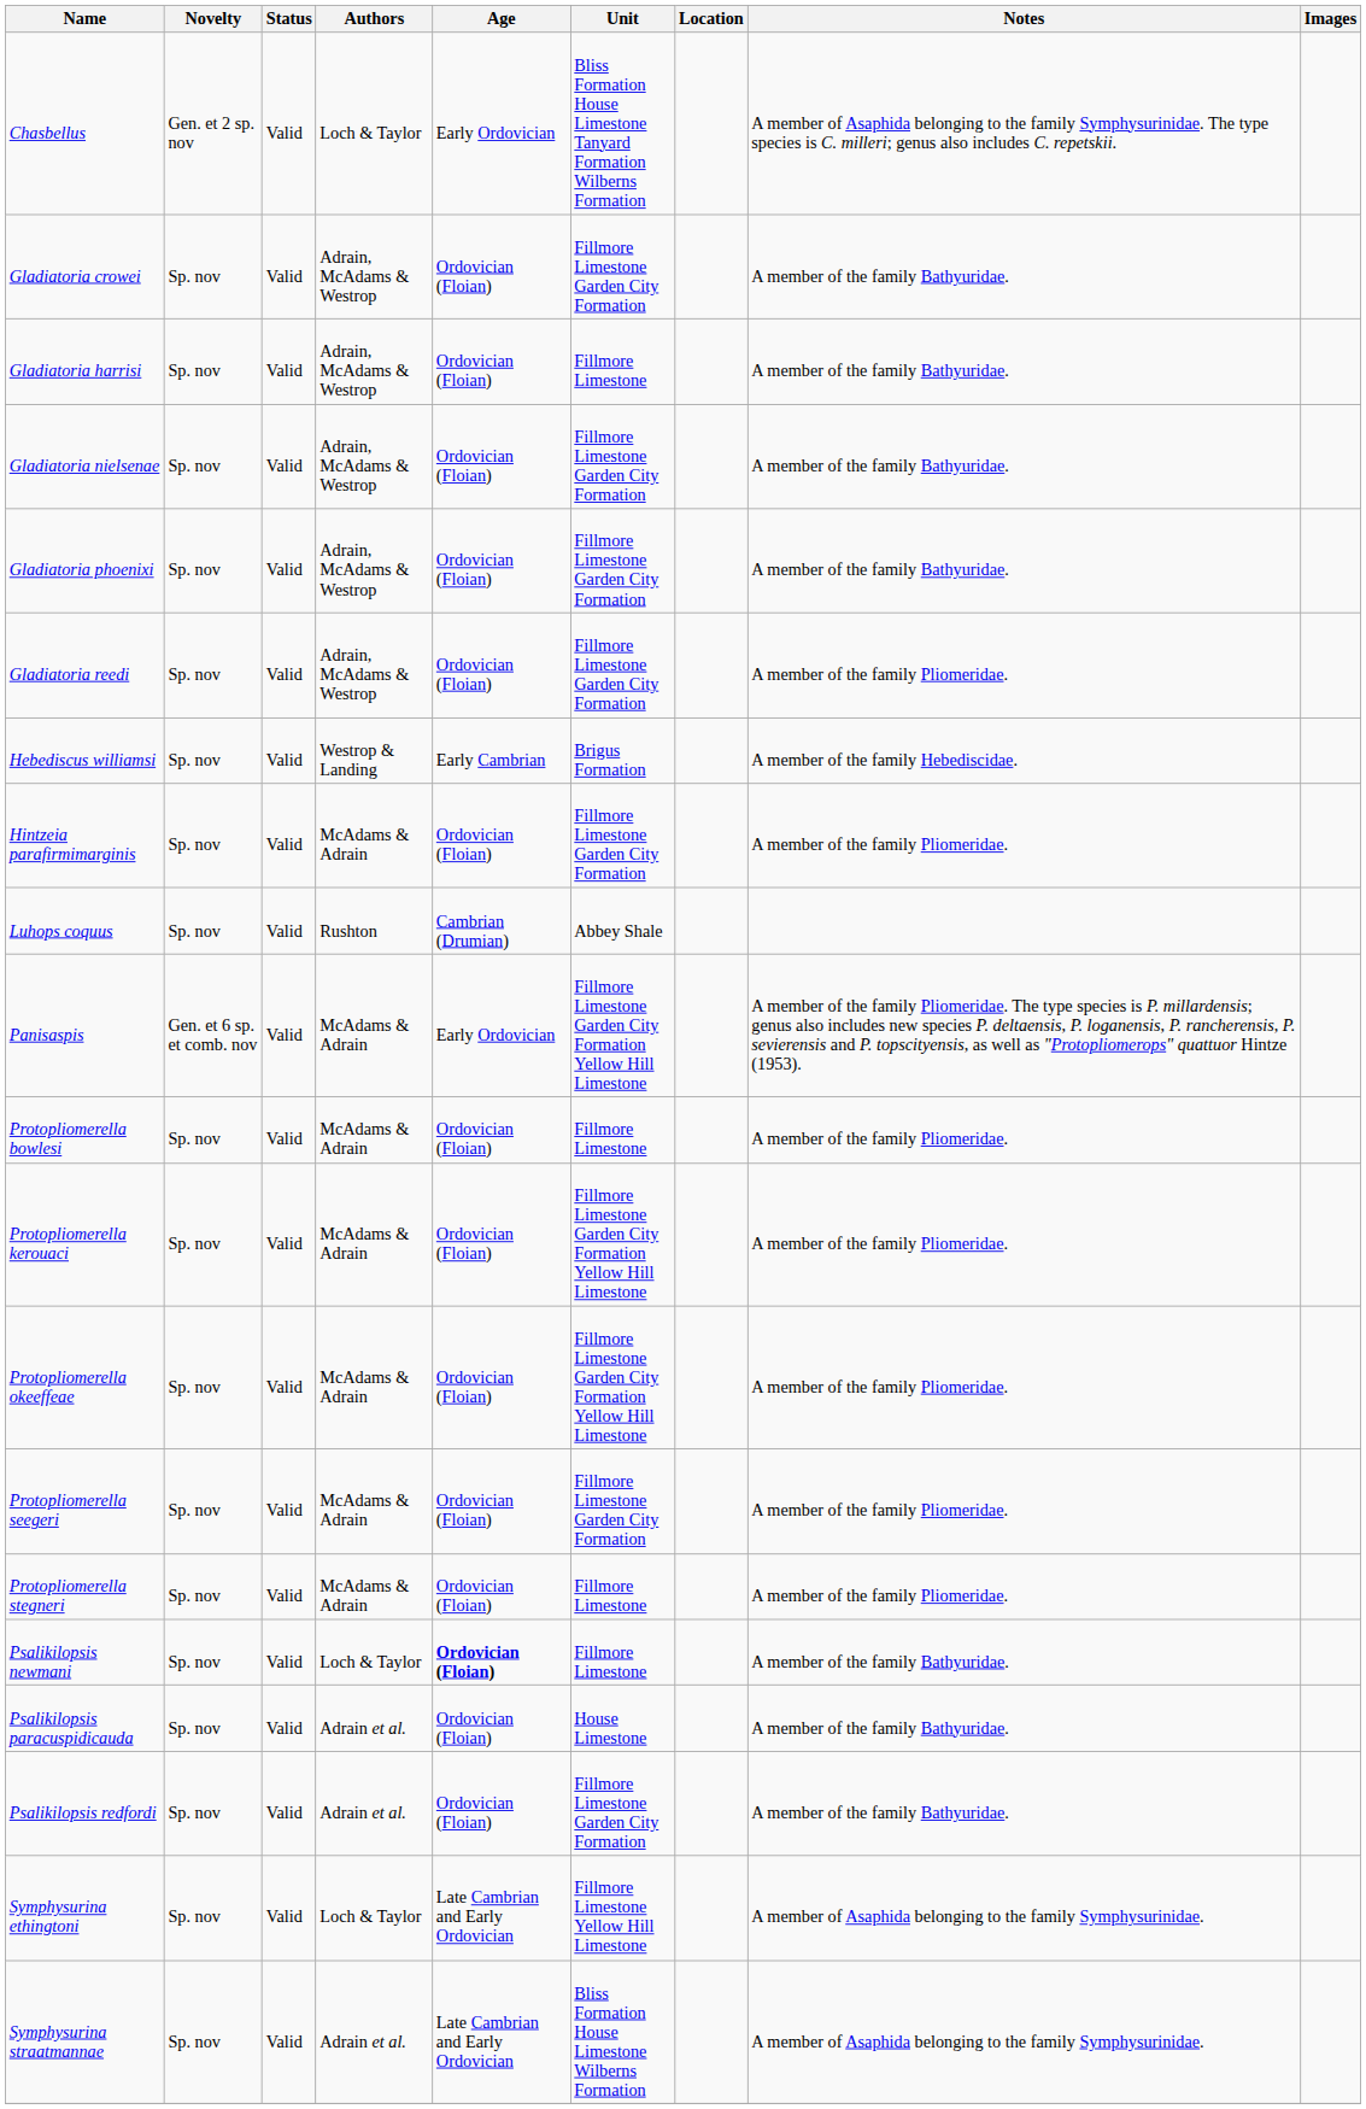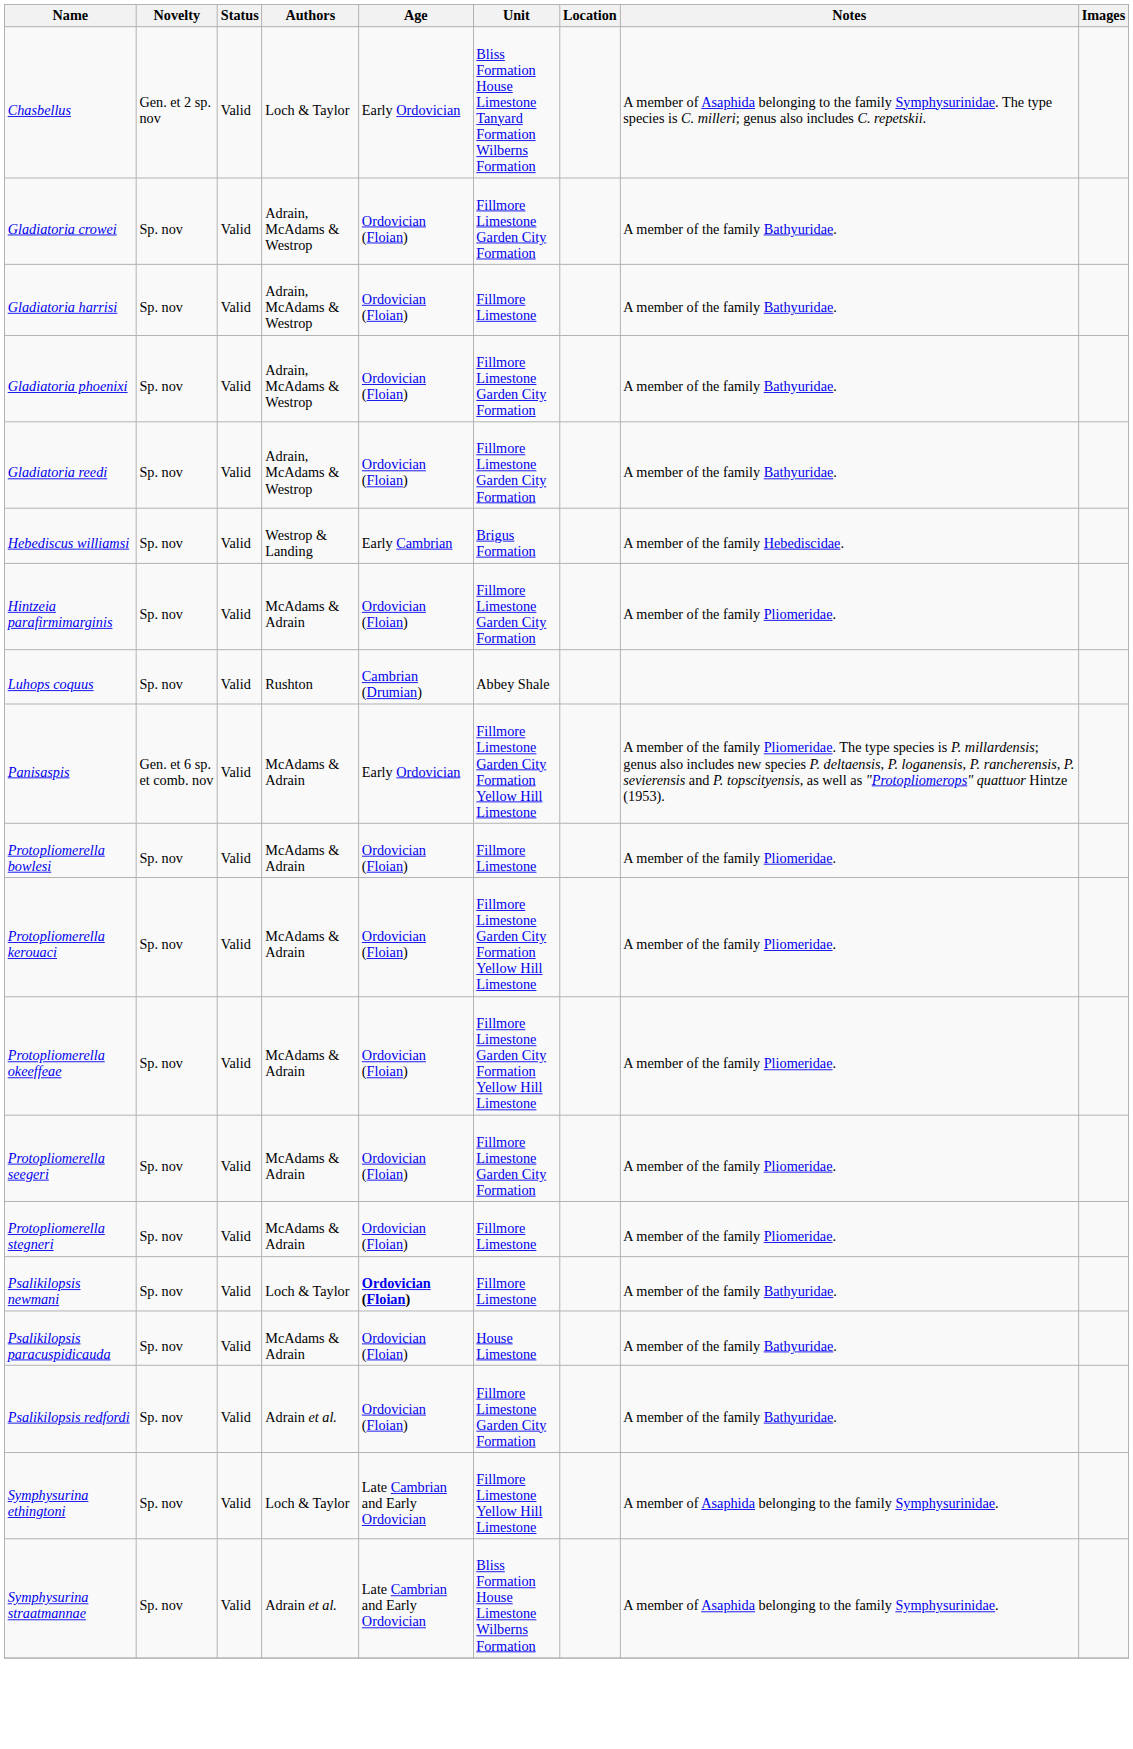 <table class="wikitable sortable" align="center" width="100%">
 <tr>
 <th>Name</th>
 <th>Novelty</th>
 <th>Status</th>
 <th>Authors</th>
 <th>Age</th>
 <th>Unit</th>
 <th>Location</th>
 <th>Notes</th>
 <th>Images</th>
 </tr>
 <tr>
 <td><br><em><a href='#'>Chasbellus</a></em></td>
 <td><br>Gen. et 2 sp. nov</td>
 <td><br>Valid</td>
 <td><br>Loch & Taylor</td>
 <td><br>Early <a href='#'>Ordovician</a></td>
 <td><br><a href='#'>Bliss Formation</a><br> <a href='#'>House Limestone</a><br> <a href='#'>Tanyard Formation</a><br> <a href='#'>Wilberns Formation</a></td>
 <td><br></td>
 <td><br>A member of <a href='#'>Asaphida</a> belonging to the family <a href='#'>Symphysurinidae</a>. The type species is <em>C. milleri</em>; genus also includes <em>C. repetskii</em>.</td>
 <td></td>
 </tr>
 <tr>
 <td><br><em><a href='#'>Gladiatoria crowei</a></em></td>
 <td><br>Sp. nov</td>
 <td><br>Valid</td>
 <td><br>Adrain, McAdams & Westrop</td>
 <td><br><a href='#'>Ordovician</a> (<a href='#'>Floian</a>)</td>
 <td><br><a href='#'>Fillmore Limestone</a><br> <a href='#'>Garden City Formation</a></td>
 <td><br></td>
 <td><br>A member of the family <a href='#'>Bathyuridae</a>.</td>
 <td></td>
 </tr>
 <tr>
 <td><br><em><a href='#'>Gladiatoria harrisi</a></em></td>
 <td><br>Sp. nov</td>
 <td><br>Valid</td>
 <td><br>Adrain, McAdams & Westrop</td>
 <td><br><a href='#'>Ordovician</a> (<a href='#'>Floian</a>)</td>
 <td><br><a href='#'>Fillmore Limestone</a></td>
 <td><br></td>
 <td><br>A member of the family <a href='#'>Bathyuridae</a>.</td>
 <td></td>
 </tr>
 <tr>
-<td><br><em><a href='#'>Gladiatoria nielsenae</a></em></td>
-<td><br>Sp. nov</td>
-<td><br>Valid</td>
-<td><br>Adrain, McAdams & Westrop</td>
-<td><br><a href='#'>Ordovician</a> (<a href='#'>Floian</a>)</td>
-<td><br><a href='#'>Fillmore Limestone</a><br> <a href='#'>Garden City Formation</a></td>
-<td><br></td>
-<td><br>A member of the family <a href='#'>Bathyuridae</a>.</td>
-<td></td>
-</tr>
-<tr>
 <td><br><em><a href='#'>Gladiatoria phoenixi</a></em></td>
 <td><br>Sp. nov</td>
 <td><br>Valid</td>
 <td><br>Adrain, McAdams & Westrop</td>
 <td><br><a href='#'>Ordovician</a> (<a href='#'>Floian</a>)</td>
 <td><br><a href='#'>Fillmore Limestone</a><br> <a href='#'>Garden City Formation</a></td>
 <td><br></td>
 <td><br>A member of the family <a href='#'>Bathyuridae</a>.</td>
 <td></td>
 </tr>
 <tr>
 <td><br><em><a href='#'>Gladiatoria reedi</a></em></td>
 <td><br>Sp. nov</td>
 <td><br>Valid</td>
 <td><br>Adrain, McAdams & Westrop</td>
 <td><br><a href='#'>Ordovician</a> (<a href='#'>Floian</a>)</td>
 <td><br><a href='#'>Fillmore Limestone</a><br> <a href='#'>Garden City Formation</a></td>
 <td><br></td>
-<td><br>A member of the family <a href='#'>Pliomeridae</a>.</td>
+<td><br>A member of the family <a href='#'>Bathyuridae</a>.</td>
 <td></td>
 </tr>
 <tr>
 <td><br><em><a href='#'>Hebediscus williamsi</a></em></td>
 <td><br>Sp. nov</td>
 <td><br>Valid</td>
 <td><br>Westrop & Landing</td>
 <td><br>Early <a href='#'>Cambrian</a></td>
 <td><br><a href='#'>Brigus Formation</a></td>
 <td><br></td>
 <td><br>A member of the family <a href='#'>Hebediscidae</a>.</td>
 <td></td>
 </tr>
 <tr>
 <td><br><em><a href='#'>Hintzeia parafirmimarginis</a></em></td>
 <td><br>Sp. nov</td>
 <td><br>Valid</td>
 <td><br>McAdams & Adrain</td>
 <td><br><a href='#'>Ordovician</a> (<a href='#'>Floian</a>)</td>
 <td><br><a href='#'>Fillmore Limestone</a><br> <a href='#'>Garden City Formation</a></td>
 <td><br></td>
 <td><br>A member of the family <a href='#'>Pliomeridae</a>.</td>
 <td></td>
 </tr>
 <tr>
 <td><br><em><a href='#'>Luhops coquus</a></em></td>
 <td><br>Sp. nov</td>
 <td><br>Valid</td>
 <td><br>Rushton</td>
 <td><br><a href='#'>Cambrian</a> (<a href='#'>Drumian</a>)</td>
 <td><br>Abbey Shale</td>
 <td><br></td>
 <td></td>
 <td></td>
 </tr>
 <tr>
 <td><br><em><a href='#'>Panisaspis</a></em></td>
 <td><br>Gen. et 6 sp. et comb. nov</td>
 <td><br>Valid</td>
 <td><br>McAdams & Adrain</td>
 <td><br>Early <a href='#'>Ordovician</a></td>
 <td><br><a href='#'>Fillmore Limestone</a><br> <a href='#'>Garden City Formation</a><br> <a href='#'>Yellow Hill Limestone</a></td>
 <td><br></td>
 <td><br>A member of the family <a href='#'>Pliomeridae</a>. The type species is <em>P. millardensis</em>; genus also includes new species <em>P. deltaensis</em>, <em>P. loganensis</em>, <em>P. rancherensis</em>, <em>P. sevierensis</em> and <em>P. topscityensis</em>, as well as <em>"<a href='#'>Protopliomerops</a>" quattuor</em> Hintze (1953).</td>
 <td></td>
 </tr>
 <tr>
 <td><br><em><a href='#'>Protopliomerella bowlesi</a></em></td>
 <td><br>Sp. nov</td>
 <td><br>Valid</td>
 <td><br>McAdams & Adrain</td>
 <td><br><a href='#'>Ordovician</a> (<a href='#'>Floian</a>)</td>
 <td><br><a href='#'>Fillmore Limestone</a></td>
 <td><br></td>
 <td><br>A member of the family <a href='#'>Pliomeridae</a>.</td>
 <td></td>
 </tr>
 <tr>
 <td><br><em><a href='#'>Protopliomerella kerouaci</a></em></td>
 <td><br>Sp. nov</td>
 <td><br>Valid</td>
 <td><br>McAdams & Adrain</td>
 <td><br><a href='#'>Ordovician</a> (<a href='#'>Floian</a>)</td>
 <td><br><a href='#'>Fillmore Limestone</a><br> <a href='#'>Garden City Formation</a><br> <a href='#'>Yellow Hill Limestone</a></td>
 <td><br></td>
 <td><br>A member of the family <a href='#'>Pliomeridae</a>.</td>
 <td></td>
 </tr>
 <tr>
 <td><br><em><a href='#'>Protopliomerella okeeffeae</a></em></td>
 <td><br>Sp. nov</td>
 <td><br>Valid</td>
 <td><br>McAdams & Adrain</td>
 <td><br><a href='#'>Ordovician</a> (<a href='#'>Floian</a>)</td>
 <td><br><a href='#'>Fillmore Limestone</a><br> <a href='#'>Garden City Formation</a><br> <a href='#'>Yellow Hill Limestone</a></td>
 <td><br></td>
 <td><br>A member of the family <a href='#'>Pliomeridae</a>.</td>
 <td></td>
 </tr>
 <tr>
 <td><br><em><a href='#'>Protopliomerella seegeri</a></em></td>
 <td><br>Sp. nov</td>
 <td><br>Valid</td>
 <td><br>McAdams & Adrain</td>
 <td><br><a href='#'>Ordovician</a> (<a href='#'>Floian</a>)</td>
 <td><br><a href='#'>Fillmore Limestone</a><br> <a href='#'>Garden City Formation</a></td>
 <td><br></td>
 <td><br>A member of the family <a href='#'>Pliomeridae</a>.</td>
 <td></td>
 </tr>
 <tr>
 <td><br><em><a href='#'>Protopliomerella stegneri</a></em></td>
 <td><br>Sp. nov</td>
 <td><br>Valid</td>
 <td><br>McAdams & Adrain</td>
 <td><br><a href='#'>Ordovician</a> (<a href='#'>Floian</a>)</td>
 <td><br><a href='#'>Fillmore Limestone</a></td>
 <td><br></td>
 <td><br>A member of the family <a href='#'>Pliomeridae</a>.</td>
 <td></td>
 </tr>
 <tr>
 <td><br><em><a href='#'>Psalikilopsis newmani</a></em></td>
 <td><br>Sp. nov</td>
 <td><br>Valid</td>
 <td><br>Loch & Taylor</td>
 <td><strong><br><a href='#'>Ordovician</a> (<a href='#'>Floian</a>)</strong></td>
 <td><br><a href='#'>Fillmore Limestone</a></td>
 <td><br></td>
 <td><br>A member of the family <a href='#'>Bathyuridae</a>.</td>
 <td></td>
 </tr>
 <tr>
 <td><br><em><a href='#'>Psalikilopsis paracuspidicauda</a></em></td>
 <td><br>Sp. nov</td>
 <td><br>Valid</td>
-<td><br>Adrain <em>et al.</em></td>
+<td><br>McAdams & Adrain</td>
 <td><br><a href='#'>Ordovician</a> (<a href='#'>Floian</a>)</td>
 <td><br><a href='#'>House Limestone</a></td>
 <td><br></td>
 <td><br>A member of the family <a href='#'>Bathyuridae</a>.</td>
 <td></td>
 </tr>
 <tr>
 <td><br><em><a href='#'>Psalikilopsis redfordi</a></em></td>
 <td><br>Sp. nov</td>
 <td><br>Valid</td>
 <td><br>Adrain <em>et al.</em></td>
 <td><br><a href='#'>Ordovician</a> (<a href='#'>Floian</a>)</td>
 <td><br><a href='#'>Fillmore Limestone</a><br> <a href='#'>Garden City Formation</a></td>
 <td><br></td>
 <td><br>A member of the family <a href='#'>Bathyuridae</a>.</td>
 <td></td>
 </tr>
 <tr>
 <td><br><em><a href='#'>Symphysurina ethingtoni</a></em></td>
 <td><br>Sp. nov</td>
 <td><br>Valid</td>
 <td><br>Loch & Taylor</td>
 <td><br>Late <a href='#'>Cambrian</a> and Early <a href='#'>Ordovician</a></td>
 <td><br><a href='#'>Fillmore Limestone</a><br> <a href='#'>Yellow Hill Limestone</a></td>
 <td><br></td>
 <td><br>A member of <a href='#'>Asaphida</a> belonging to the family <a href='#'>Symphysurinidae</a>.</td>
 <td></td>
 </tr>
 <tr>
 <td><br><em><a href='#'>Symphysurina straatmannae</a></em></td>
 <td><br>Sp. nov</td>
 <td><br>Valid</td>
 <td><br>Adrain <em>et al.</em></td>
 <td><br>Late <a href='#'>Cambrian</a> and Early <a href='#'>Ordovician</a></td>
 <td><br><a href='#'>Bliss Formation</a><br> <a href='#'>House Limestone</a><br> <a href='#'>Wilberns Formation</a></td>
 <td><br></td>
 <td><br>A member of <a href='#'>Asaphida</a> belonging to the family <a href='#'>Symphysurinidae</a>.</td>
 <td></td>
 </tr>
 <tr>
 </tr>
 </table>
